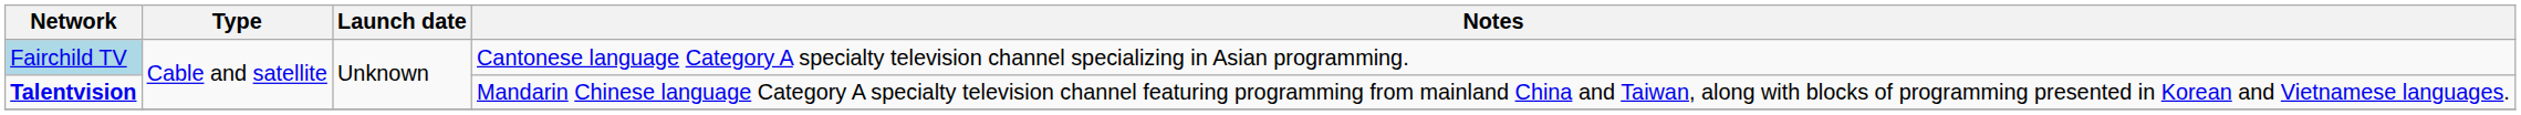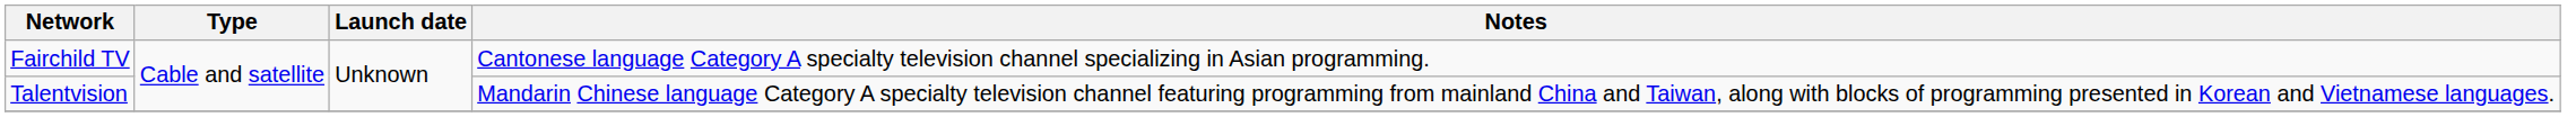 <table class="wikitable">
 <tr>
 <th>Network</th>
 <th>Type</th>
 <th>Launch date</th>
 <th>Notes</th>
 </tr>
 <tr>
-<td style="background: lightblue;"><a href='#'>Fairchild TV</a></td>
+<td><a href='#'>Fairchild TV</a></td>
 <td rowspan=2><a href='#'>Cable</a> and <a href='#'>satellite</a></td>
 <td rowspan=2>Unknown</td>
 <td><a href='#'>Cantonese language</a> <a href='#'>Category A</a> specialty television channel specializing in Asian programming.</td>
 </tr>
 <tr>
-<td><strong><a href='#'>Talentvision</a></strong></td>
+<td><a href='#'>Talentvision</a></td>
 <td><a href='#'>Mandarin</a> <a href='#'>Chinese language</a> Category A specialty television channel featuring programming from mainland <a href='#'>China</a> and <a href='#'>Taiwan</a>, along with blocks of programming presented in <a href='#'>Korean</a> and <a href='#'>Vietnamese languages</a>.</td>
 </tr>
 <tr>
 </tr>
 </table>
